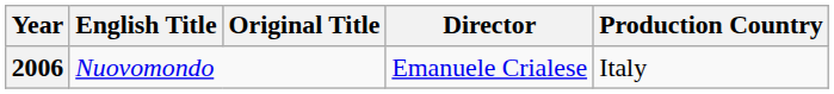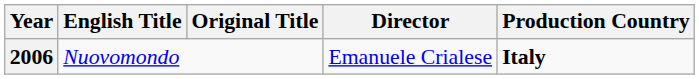 <table class="wikitable">
 <tr>
 <th>Year</th>
 <th>English Title</th>
 <th>Original Title</th>
 <th>Director</th>
 <th>Production Country</th>
 </tr>
 <tr>
 <th>2006</th>
 <td colspan="2"><em><a href='#'>Nuovomondo</a></em></td>
 <td><a href='#'>Emanuele Crialese</a></td>
-<td>Italy</td>
+<td><strong>Italy</strong></td>
 </tr>
 </table>
